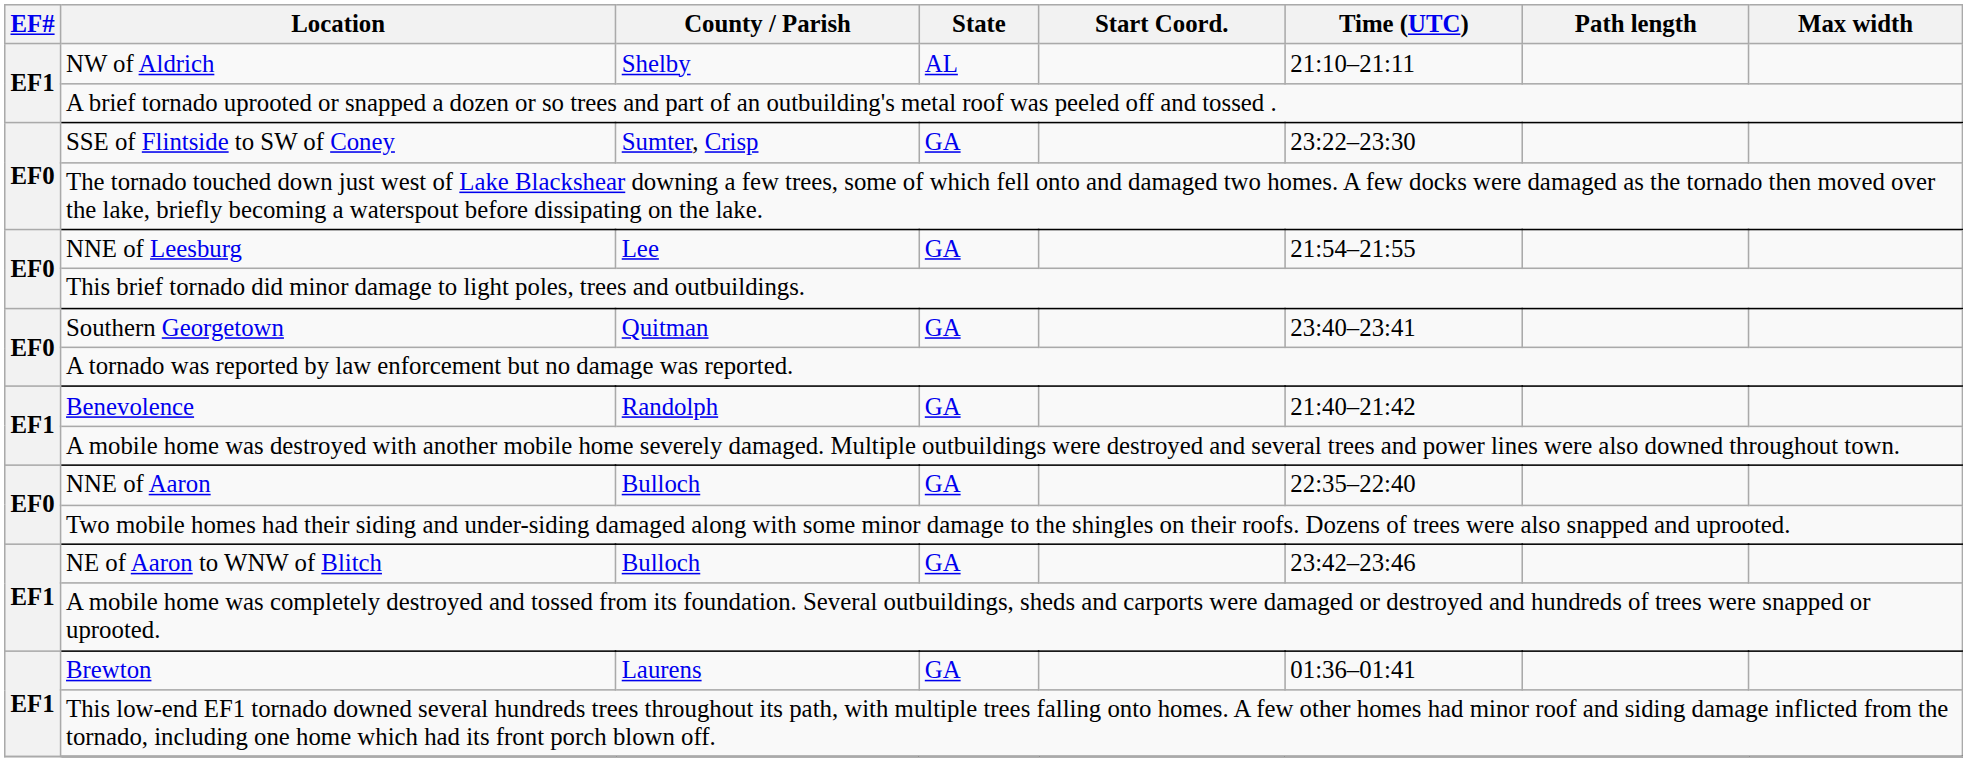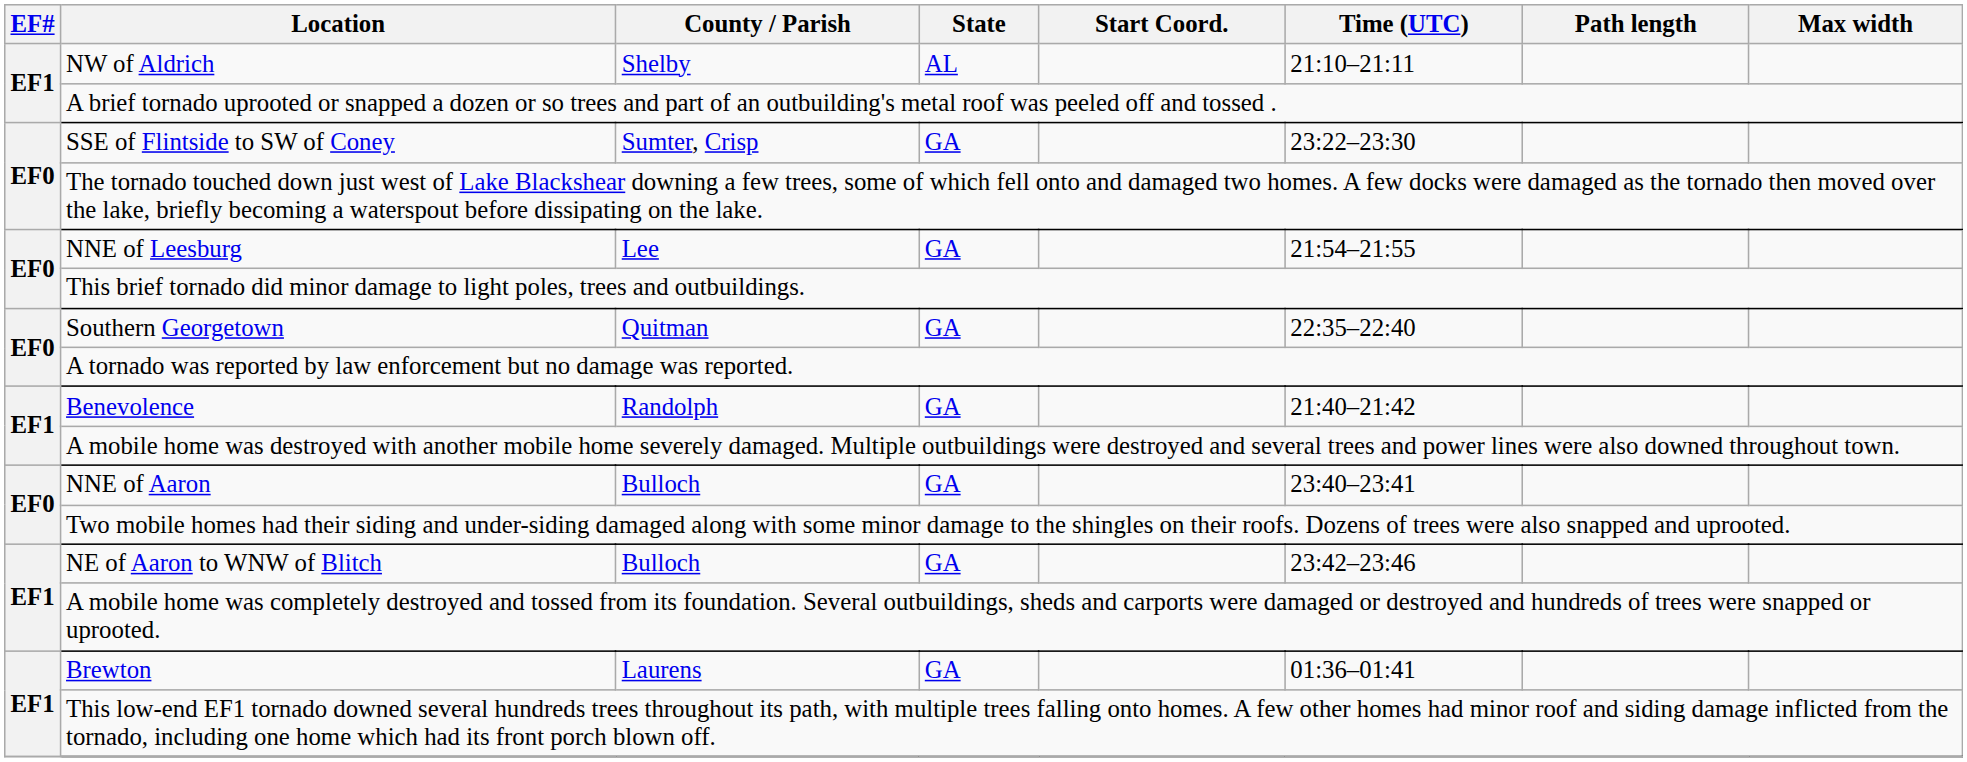 <table class="wikitable sortable" style="width:100%;">
 <tr>
 <th scope="col" width="2%" align="center"><a href='#'>EF#</a></th>
 <th scope="col" align="center" class="unsortable">Location</th>
 <th scope="col" align="center" class="unsortable">County / Parish</th>
 <th scope="col" align="center">State</th>
 <th scope="col" align="center">Start Coord.</th>
 <th scope="col" align="center">Time (<a href='#'>UTC</a>)</th>
 <th scope="col" align="center">Path length</th>
 <th scope="col" align="center">Max width</th>
 </tr>
 <tr>
 <th scope="row" rowspan="2" style="background-color:#">EF1</th>
 <td>NW of <a href='#'>Aldrich</a></td>
 <td><a href='#'>Shelby</a></td>
 <td><a href='#'>AL</a></td>
 <td></td>
 <td>21:10–21:11</td>
 <td></td>
 <td></td>
 </tr>
 <tr class="expand-child">
 <td colspan="8" style=" border-bottom: 1px solid black;">A brief tornado uprooted or snapped a dozen or so trees and part of an outbuilding's metal roof was peeled off and tossed .</td>
 </tr>
 <tr>
 <th scope="row" rowspan="2" style="background-color:#">EF0</th>
 <td>SSE of <a href='#'>Flintside</a> to SW of <a href='#'>Coney</a></td>
 <td><a href='#'>Sumter</a>, <a href='#'>Crisp</a></td>
 <td><a href='#'>GA</a></td>
 <td></td>
 <td>23:22–23:30</td>
 <td></td>
 <td></td>
 </tr>
 <tr class="expand-child">
 <td colspan="8" style=" border-bottom: 1px solid black;">The tornado touched down just west of <a href='#'>Lake Blackshear</a> downing a few trees, some of which fell onto and damaged two homes. A few docks were damaged as the tornado then moved over the lake, briefly becoming a waterspout before dissipating on the lake.</td>
 </tr>
 <tr>
 <th scope="row" rowspan="2" style="background-color:#">EF0</th>
 <td>NNE of <a href='#'>Leesburg</a></td>
 <td><a href='#'>Lee</a></td>
 <td><a href='#'>GA</a></td>
 <td></td>
 <td>21:54–21:55</td>
 <td></td>
 <td></td>
 </tr>
 <tr class="expand-child">
 <td colspan="8" style=" border-bottom: 1px solid black;">This brief tornado did minor damage to light poles, trees and outbuildings.</td>
 </tr>
 <tr>
 <th scope="row" rowspan="2" style="background-color:#">EF0</th>
 <td>Southern <a href='#'>Georgetown</a></td>
 <td><a href='#'>Quitman</a></td>
 <td><a href='#'>GA</a></td>
 <td></td>
-<td>23:40–23:41</td>
+<td>22:35–22:40</td>
 <td></td>
 <td></td>
 </tr>
 <tr class="expand-child">
 <td colspan="8" style=" border-bottom: 1px solid black;">A tornado was reported by law enforcement but no damage was reported.</td>
 </tr>
 <tr>
 <th scope="row" rowspan="2" style="background-color:#">EF1</th>
 <td><a href='#'>Benevolence</a></td>
 <td><a href='#'>Randolph</a></td>
 <td><a href='#'>GA</a></td>
 <td></td>
 <td>21:40–21:42</td>
 <td></td>
 <td></td>
 </tr>
 <tr class="expand-child">
 <td colspan="8" style=" border-bottom: 1px solid black;">A mobile home was destroyed with another mobile home severely damaged. Multiple outbuildings were destroyed and several trees and power lines were also downed throughout town.</td>
 </tr>
 <tr>
 <th scope="row" rowspan="2" style="background-color:#">EF0</th>
 <td>NNE of <a href='#'>Aaron</a></td>
 <td><a href='#'>Bulloch</a></td>
 <td><a href='#'>GA</a></td>
 <td></td>
-<td>22:35–22:40</td>
+<td>23:40–23:41</td>
 <td></td>
 <td></td>
 </tr>
 <tr class="expand-child">
 <td colspan="8" style=" border-bottom: 1px solid black;">Two mobile homes had their siding and under-siding damaged along with some minor damage to the shingles on their roofs. Dozens of trees were also snapped and uprooted.</td>
 </tr>
 <tr>
 <th scope="row" rowspan="2" style="background-color:#">EF1</th>
 <td>NE of <a href='#'>Aaron</a> to WNW of <a href='#'>Blitch</a></td>
 <td><a href='#'>Bulloch</a></td>
 <td><a href='#'>GA</a></td>
 <td></td>
 <td>23:42–23:46</td>
 <td></td>
 <td></td>
 </tr>
 <tr class="expand-child">
 <td colspan="8" style=" border-bottom: 1px solid black;">A mobile home was completely destroyed and tossed  from its foundation. Several outbuildings, sheds and carports were damaged or destroyed and hundreds of trees were snapped or uprooted.</td>
 </tr>
 <tr>
 <th scope="row" rowspan="2" style="background-color:#">EF1</th>
 <td><a href='#'>Brewton</a></td>
 <td><a href='#'>Laurens</a></td>
 <td><a href='#'>GA</a></td>
 <td></td>
 <td>01:36–01:41</td>
 <td></td>
 <td></td>
 </tr>
 <tr class="expand-child">
 <td colspan="8" style=" border-bottom: 1px solid black;">This low-end EF1 tornado downed several hundreds trees throughout its path, with multiple trees falling onto homes. A few other homes had minor roof and siding damage inflicted from the tornado, including one home which had its front porch blown off.</td>
 </tr>
 <tr>
 </tr>
 </table>
